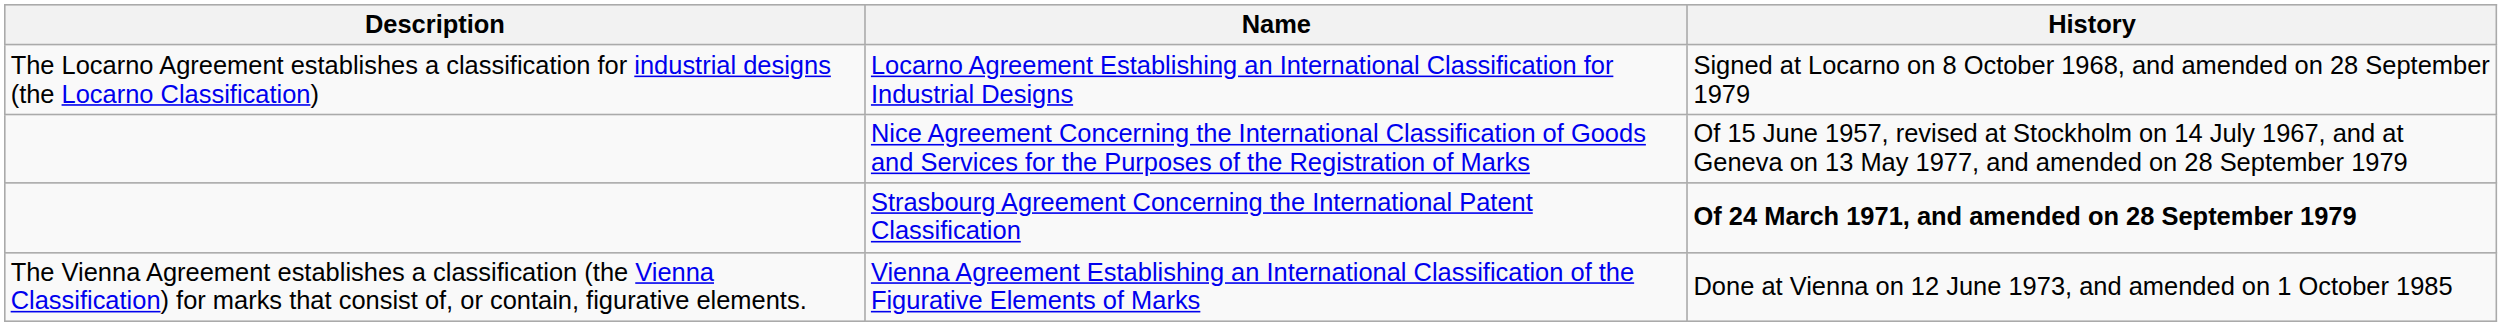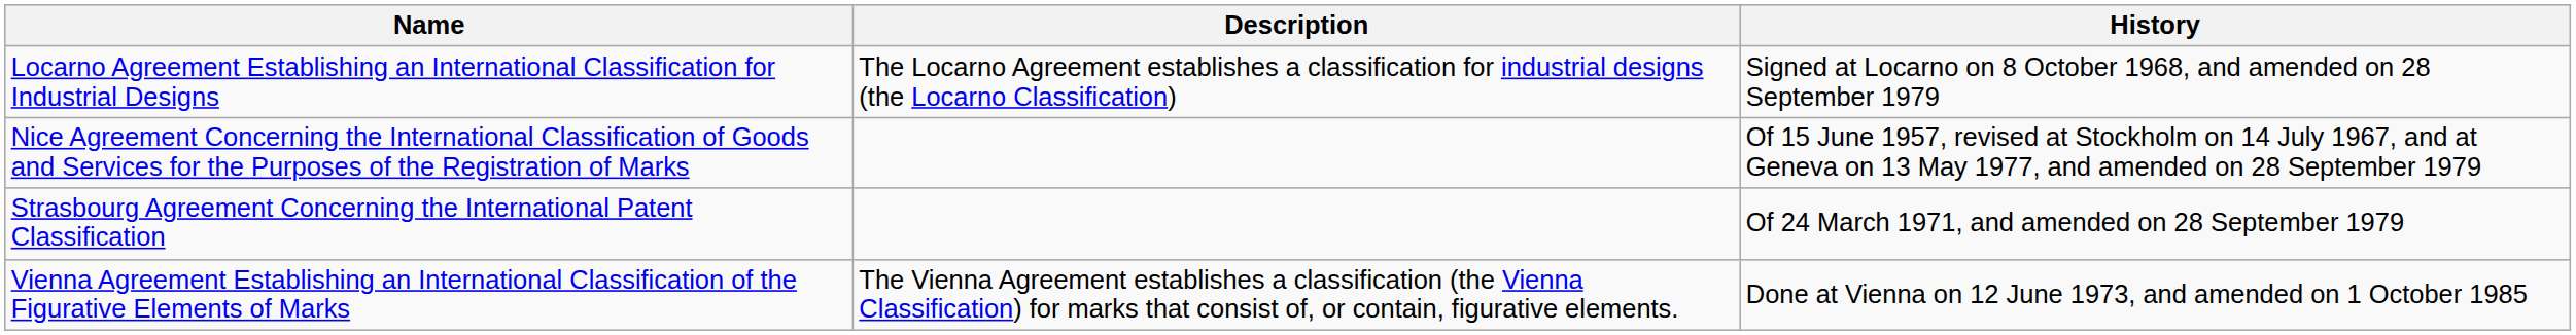 <table class="wikitable">
 <tr>
+<th>Name</th>
 <th>Description</th>
-<th>Name</th>
 <th>History</th>
 </tr>
 <tr>
+<td><a href='#'>Locarno Agreement Establishing an International Classification for Industrial Designs</a></td>
 <td>The Locarno Agreement establishes a classification for <a href='#'>industrial designs</a> (the <a href='#'>Locarno Classification</a>)</td>
-<td><a href='#'>Locarno Agreement Establishing an International Classification for Industrial Designs</a></td>
 <td>Signed at Locarno on 8 October 1968, and amended on 28 September 1979</td>
 </tr>
 <tr>
+<td><a href='#'>Nice Agreement Concerning the International Classification of Goods and Services for the Purposes of the Registration of Marks</a></td>
 <td></td>
-<td><a href='#'>Nice Agreement Concerning the International Classification of Goods and Services for the Purposes of the Registration of Marks</a></td>
 <td>Of 15 June 1957, revised at Stockholm on 14 July 1967, and at Geneva on 13 May 1977, and amended on 28 September 1979</td>
 </tr>
 <tr>
+<td><a href='#'>Strasbourg Agreement Concerning the International Patent Classification</a></td>
 <td></td>
-<td><a href='#'>Strasbourg Agreement Concerning the International Patent Classification</a></td>
-<td><strong>Of 24 March 1971, and amended on 28 September 1979</strong></td>
+<td>Of 24 March 1971, and amended on 28 September 1979</td>
 </tr>
 <tr>
+<td><a href='#'>Vienna Agreement Establishing an International Classification of the Figurative Elements of Marks</a></td>
 <td>The Vienna Agreement establishes a classification (the <a href='#'>Vienna Classification</a>) for marks that consist of, or contain, figurative elements.</td>
-<td><a href='#'>Vienna Agreement Establishing an International Classification of the Figurative Elements of Marks</a></td>
 <td>Done at Vienna on 12 June 1973, and amended on 1 October 1985</td>
 </tr>
 </table>
